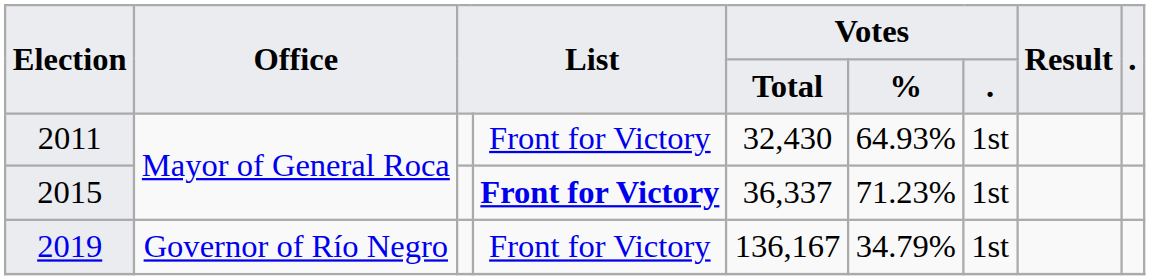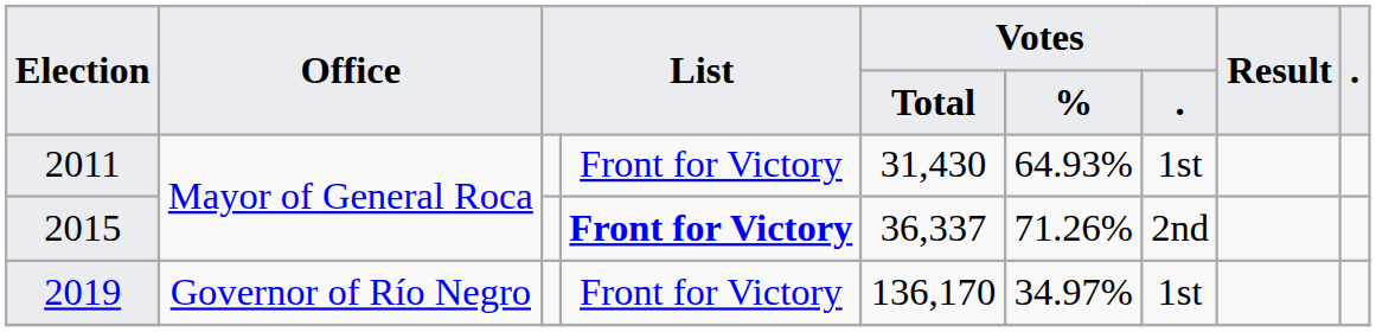 <table class="wikitable" style="font-size:90%; text-align:center;">
 <tr>
 <th style="background-color:#EAECF0;" rowspan=2>Election</th>
 <th style="background-color:#EAECF0;" rowspan=2>Office</th>
 <th style="background-color:#EAECF0;" colspan=2 rowspan=2>List</th>
 <th style="background-color:#EAECF0;" colspan=3>Votes</th>
 <th style="background-color:#EAECF0;" rowspan=2>Result</th>
 <th style="background-color:#EAECF0;" rowspan=2>.</th>
 </tr>
 <tr>
 <th style="background-color:#EAECF0;">Total</th>
 <th style="background-color:#EAECF0;">%</th>
 <th style="background-color:#EAECF0;">.</th>
 </tr>
 <tr>
 <td style="background-color:#EAECF0;">2011</td>
 <td rowspan="2"><a href='#'>Mayor of General Roca</a></td>
 <td style="background-color:"></td>
 <td><a href='#'>Front for Victory</a></td>
-<td>32,430</td>
+<td>31,430</td>
 <td>64.93%</td>
 <td>1st</td>
 <td></td>
 <td></td>
 </tr>
 <tr>
 <td style="background-color:#EAECF0;">2015</td>
 <td style="background-color:"></td>
 <td><strong><a href='#'>Front for Victory</a></strong></td>
 <td>36,337</td>
-<td>71.23%</td>
-<td>1st</td>
+<td>71.26%</td>
+<td>2nd</td>
 <td></td>
 <td></td>
 </tr>
 <tr>
 <td style="background-color:#EAECF0;"><a href='#'>2019</a></td>
 <td rowspan="2"><a href='#'>Governor of Río Negro</a></td>
 <td style="background-color:"></td>
 <td><a href='#'>Front for Victory</a></td>
-<td>136,167</td>
-<td>34.79%</td>
+<td>136,170</td>
+<td>34.97%</td>
 <td>1st</td>
 <td></td>
 <td></td>
 </tr>
 <tr>
 </tr>
 </table>
